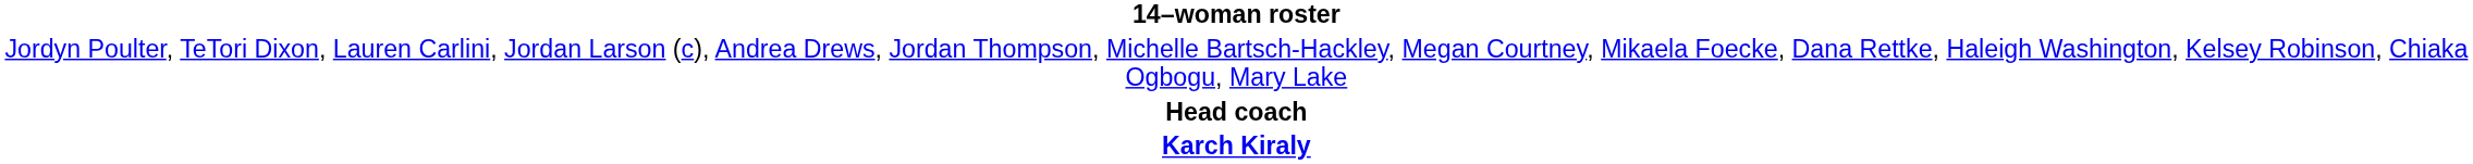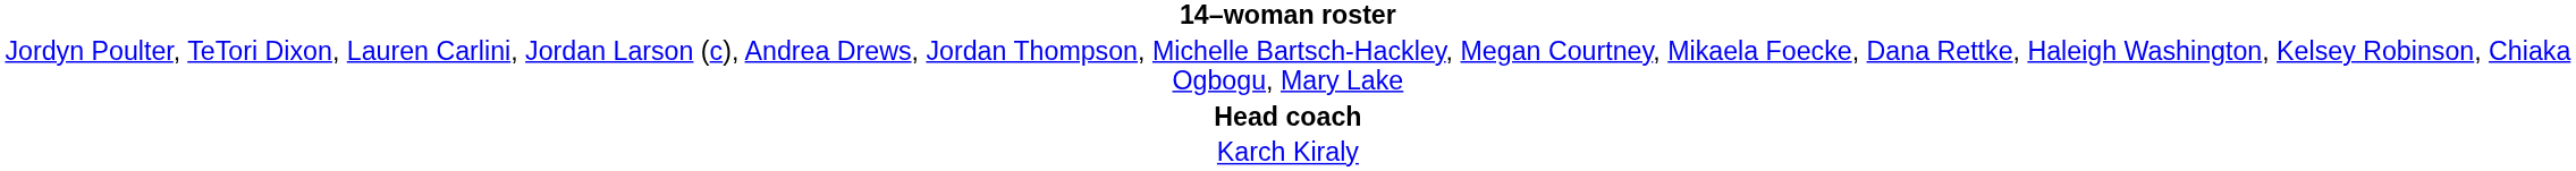 <table style="text-align:center; margin-top:2em; margin-left:auto; margin-right:auto">
 <tr>
 <td><strong>14–woman roster</strong></td>
 </tr>
 <tr>
 <td><a href='#'>Jordyn Poulter</a>, <a href='#'>TeTori Dixon</a>, <a href='#'>Lauren Carlini</a>, <a href='#'>Jordan Larson</a> (<a href='#'>c</a>), <a href='#'>Andrea Drews</a>, <a href='#'>Jordan Thompson</a>, <a href='#'>Michelle Bartsch-Hackley</a>, <a href='#'>Megan Courtney</a>, <a href='#'>Mikaela Foecke</a>, <a href='#'>Dana Rettke</a>, <a href='#'>Haleigh Washington</a>, <a href='#'>Kelsey Robinson</a>, <a href='#'>Chiaka Ogbogu</a>, <a href='#'>Mary Lake</a></td>
 </tr>
 <tr>
 <td><strong>Head coach</strong></td>
 </tr>
 <tr>
-<td><strong><a href='#'>Karch Kiraly</a></strong></td>
+<td><a href='#'>Karch Kiraly</a></td>
 </tr>
 </table>
